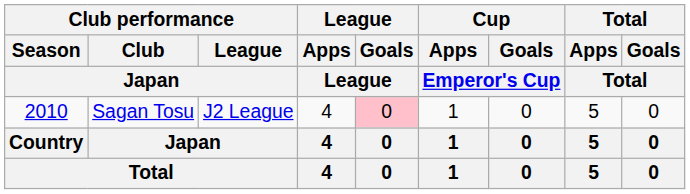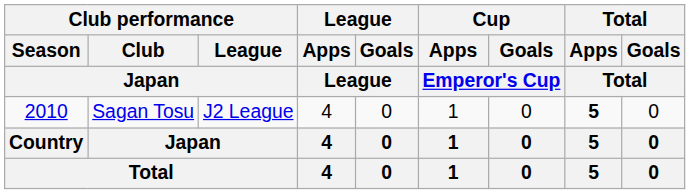 <table class="wikitable" style="text-align:center;">
 <tr>
 <th colspan=3>Club performance</th>
 <th colspan=2>League</th>
 <th colspan=2>Cup</th>
 <th colspan=2>Total</th>
 </tr>
 <tr>
 <th>Season</th>
 <th>Club</th>
 <th>League</th>
 <th>Apps</th>
 <th>Goals</th>
 <th>Apps</th>
 <th>Goals</th>
 <th>Apps</th>
 <th>Goals</th>
 </tr>
 <tr>
 <th colspan=3>Japan</th>
 <th colspan=2>League</th>
 <th colspan=2><a href='#'>Emperor's Cup</a></th>
 <th colspan=2>Total</th>
 </tr>
 <tr>
 <td><a href='#'>2010</a></td>
 <td><a href='#'>Sagan Tosu</a></td>
 <td><a href='#'>J2 League</a></td>
 <td>4</td>
-<td style="background: pink;">0</td>
+<td>0</td>
 <td>1</td>
 <td>0</td>
-<td>5</td>
+<td><strong>5</strong></td>
 <td>0</td>
 </tr>
 <tr>
 <th rowspan=1>Country</th>
 <th colspan=2>Japan</th>
 <th>4</th>
 <th>0</th>
 <th>1</th>
 <th>0</th>
 <th>5</th>
 <th>0</th>
 </tr>
 <tr>
 <th colspan=3>Total</th>
 <th>4</th>
 <th>0</th>
 <th>1</th>
 <th>0</th>
 <th>5</th>
 <th>0</th>
 </tr>
 </table>
